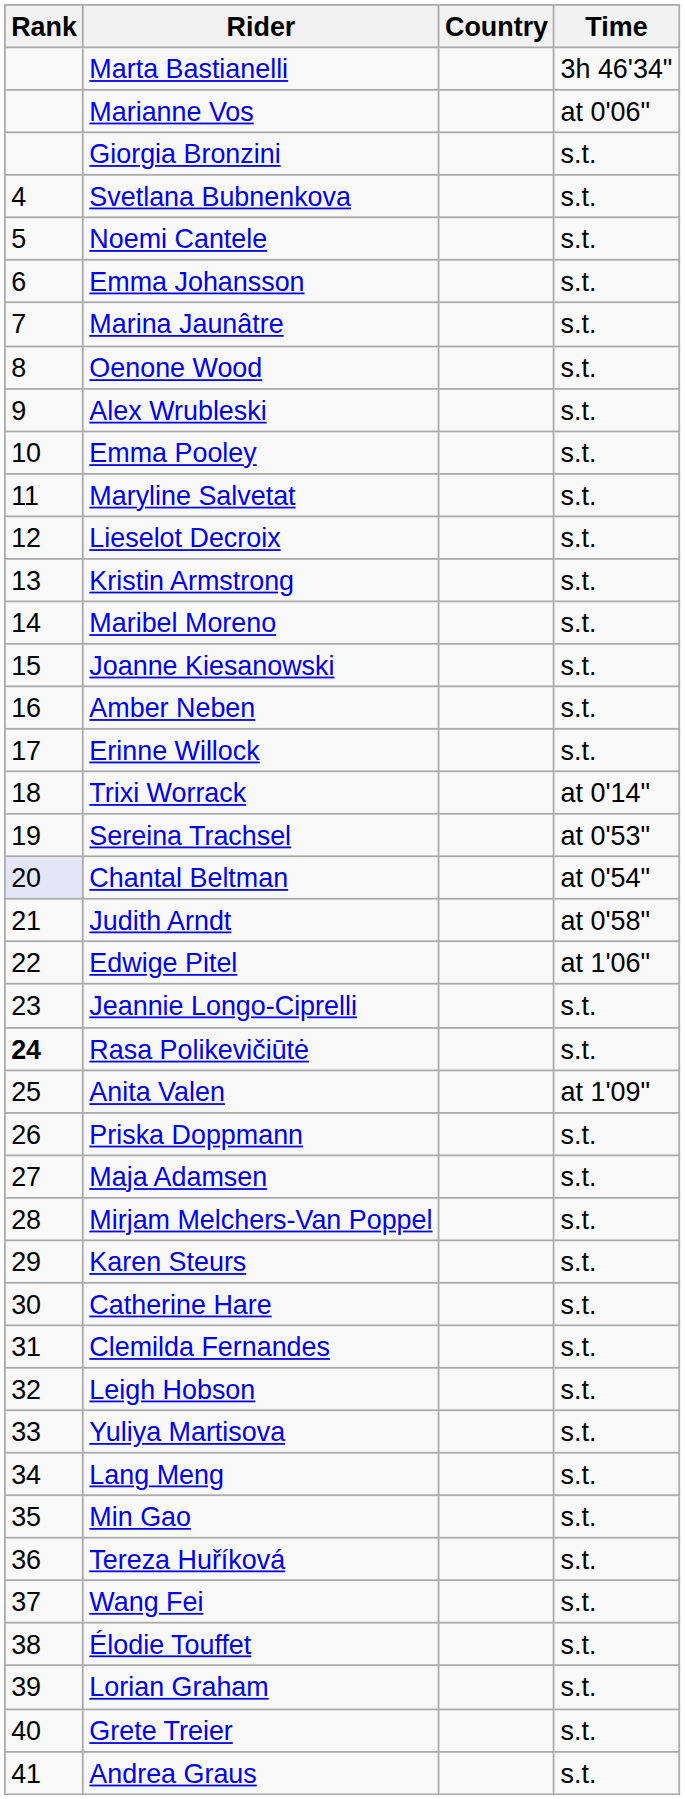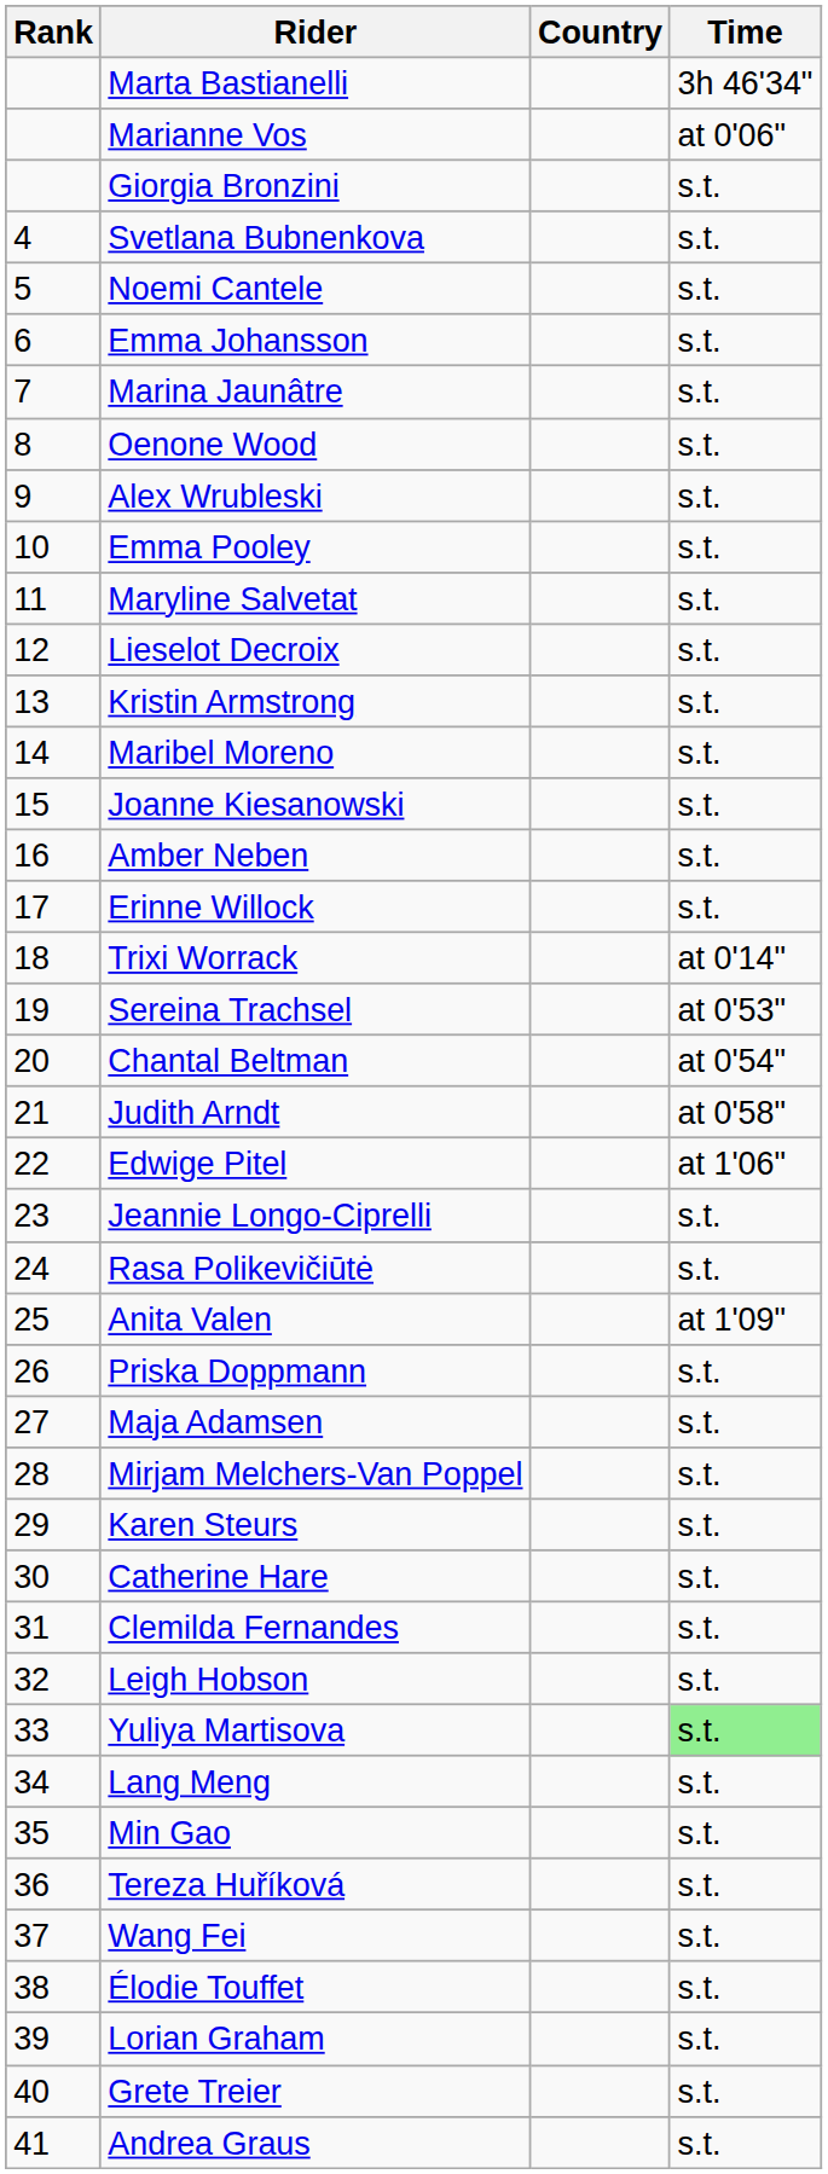 <table class="wikitable" style="font-size:95%; text-align:left;">
 <tr>
 <th>Rank</th>
 <th>Rider</th>
 <th>Country</th>
 <th>Time</th>
 </tr>
 <tr>
 <td></td>
 <td><a href='#'>Marta Bastianelli</a></td>
 <td></td>
 <td>3h 46'34"</td>
 </tr>
 <tr>
 <td></td>
 <td><a href='#'>Marianne Vos</a></td>
 <td></td>
 <td>at 0'06"</td>
 </tr>
 <tr>
 <td></td>
 <td><a href='#'>Giorgia Bronzini</a></td>
 <td></td>
 <td>s.t.</td>
 </tr>
 <tr>
 <td>4</td>
 <td><a href='#'>Svetlana Bubnenkova</a></td>
 <td></td>
 <td>s.t.</td>
 </tr>
 <tr>
 <td>5</td>
 <td><a href='#'>Noemi Cantele</a></td>
 <td></td>
 <td>s.t.</td>
 </tr>
 <tr>
 <td>6</td>
 <td><a href='#'>Emma Johansson</a></td>
 <td></td>
 <td>s.t.</td>
 </tr>
 <tr>
 <td>7</td>
 <td><a href='#'>Marina Jaunâtre</a></td>
 <td></td>
 <td>s.t.</td>
 </tr>
 <tr>
 <td>8</td>
 <td><a href='#'>Oenone Wood</a></td>
 <td></td>
 <td>s.t.</td>
 </tr>
 <tr>
 <td>9</td>
 <td><a href='#'>Alex Wrubleski</a></td>
 <td></td>
 <td>s.t.</td>
 </tr>
 <tr>
 <td>10</td>
 <td><a href='#'>Emma Pooley</a></td>
 <td></td>
 <td>s.t.</td>
 </tr>
 <tr>
 <td>11</td>
 <td><a href='#'>Maryline Salvetat</a></td>
 <td></td>
 <td>s.t.</td>
 </tr>
 <tr>
 <td>12</td>
 <td><a href='#'>Lieselot Decroix</a></td>
 <td></td>
 <td>s.t.</td>
 </tr>
 <tr>
 <td>13</td>
 <td><a href='#'>Kristin Armstrong</a></td>
 <td></td>
 <td>s.t.</td>
 </tr>
 <tr>
 <td>14</td>
 <td><a href='#'>Maribel Moreno</a></td>
 <td></td>
 <td>s.t.</td>
 </tr>
 <tr>
 <td>15</td>
 <td><a href='#'>Joanne Kiesanowski</a></td>
 <td></td>
 <td>s.t.</td>
 </tr>
 <tr>
 <td>16</td>
 <td><a href='#'>Amber Neben</a></td>
 <td></td>
 <td>s.t.</td>
 </tr>
 <tr>
 <td>17</td>
 <td><a href='#'>Erinne Willock</a></td>
 <td></td>
 <td>s.t.</td>
 </tr>
 <tr>
 <td>18</td>
 <td><a href='#'>Trixi Worrack</a></td>
 <td></td>
 <td>at 0'14"</td>
 </tr>
 <tr>
 <td>19</td>
 <td><a href='#'>Sereina Trachsel</a></td>
 <td></td>
 <td>at 0'53"</td>
 </tr>
 <tr>
-<td style="background: lavender;">20</td>
+<td>20</td>
 <td><a href='#'>Chantal Beltman</a></td>
 <td></td>
 <td>at 0'54"</td>
 </tr>
 <tr>
 <td>21</td>
 <td><a href='#'>Judith Arndt</a></td>
 <td></td>
 <td>at 0'58"</td>
 </tr>
 <tr>
 <td>22</td>
 <td><a href='#'>Edwige Pitel</a></td>
 <td></td>
 <td>at 1'06"</td>
 </tr>
 <tr>
 <td>23</td>
 <td><a href='#'>Jeannie Longo-Ciprelli</a></td>
 <td></td>
 <td>s.t.</td>
 </tr>
 <tr>
-<td><strong>24</strong></td>
+<td>24</td>
 <td><a href='#'>Rasa Polikevičiūtė</a></td>
 <td></td>
 <td>s.t.</td>
 </tr>
 <tr>
 <td>25</td>
 <td><a href='#'>Anita Valen</a></td>
 <td></td>
 <td>at 1'09"</td>
 </tr>
 <tr>
 <td>26</td>
 <td><a href='#'>Priska Doppmann</a></td>
 <td></td>
 <td>s.t.</td>
 </tr>
 <tr>
 <td>27</td>
 <td><a href='#'>Maja Adamsen</a></td>
 <td></td>
 <td>s.t.</td>
 </tr>
 <tr>
 <td>28</td>
 <td><a href='#'>Mirjam Melchers-Van Poppel</a></td>
 <td></td>
 <td>s.t.</td>
 </tr>
 <tr>
 <td>29</td>
 <td><a href='#'>Karen Steurs</a></td>
 <td></td>
 <td>s.t.</td>
 </tr>
 <tr>
 <td>30</td>
 <td><a href='#'>Catherine Hare</a></td>
 <td></td>
 <td>s.t.</td>
 </tr>
 <tr>
 <td>31</td>
 <td><a href='#'>Clemilda Fernandes</a></td>
 <td></td>
 <td>s.t.</td>
 </tr>
 <tr>
 <td>32</td>
 <td><a href='#'>Leigh Hobson</a></td>
 <td></td>
 <td>s.t.</td>
 </tr>
 <tr>
 <td>33</td>
 <td><a href='#'>Yuliya Martisova</a></td>
 <td></td>
-<td>s.t.</td>
+<td style="background: lightgreen;">s.t.</td>
 </tr>
 <tr>
 <td>34</td>
 <td><a href='#'>Lang Meng</a></td>
 <td></td>
 <td>s.t.</td>
 </tr>
 <tr>
 <td>35</td>
 <td><a href='#'>Min Gao</a></td>
 <td></td>
 <td>s.t.</td>
 </tr>
 <tr>
 <td>36</td>
 <td><a href='#'>Tereza Huříková</a></td>
 <td></td>
 <td>s.t.</td>
 </tr>
 <tr>
 <td>37</td>
 <td><a href='#'>Wang Fei</a></td>
 <td></td>
 <td>s.t.</td>
 </tr>
 <tr>
 <td>38</td>
 <td><a href='#'>Élodie Touffet</a></td>
 <td></td>
 <td>s.t.</td>
 </tr>
 <tr>
 <td>39</td>
 <td><a href='#'>Lorian Graham</a></td>
 <td></td>
 <td>s.t.</td>
 </tr>
 <tr>
 <td>40</td>
 <td><a href='#'>Grete Treier</a></td>
 <td></td>
 <td>s.t.</td>
 </tr>
 <tr>
 <td>41</td>
 <td><a href='#'>Andrea Graus</a></td>
 <td></td>
 <td>s.t.</td>
 </tr>
 </table>
